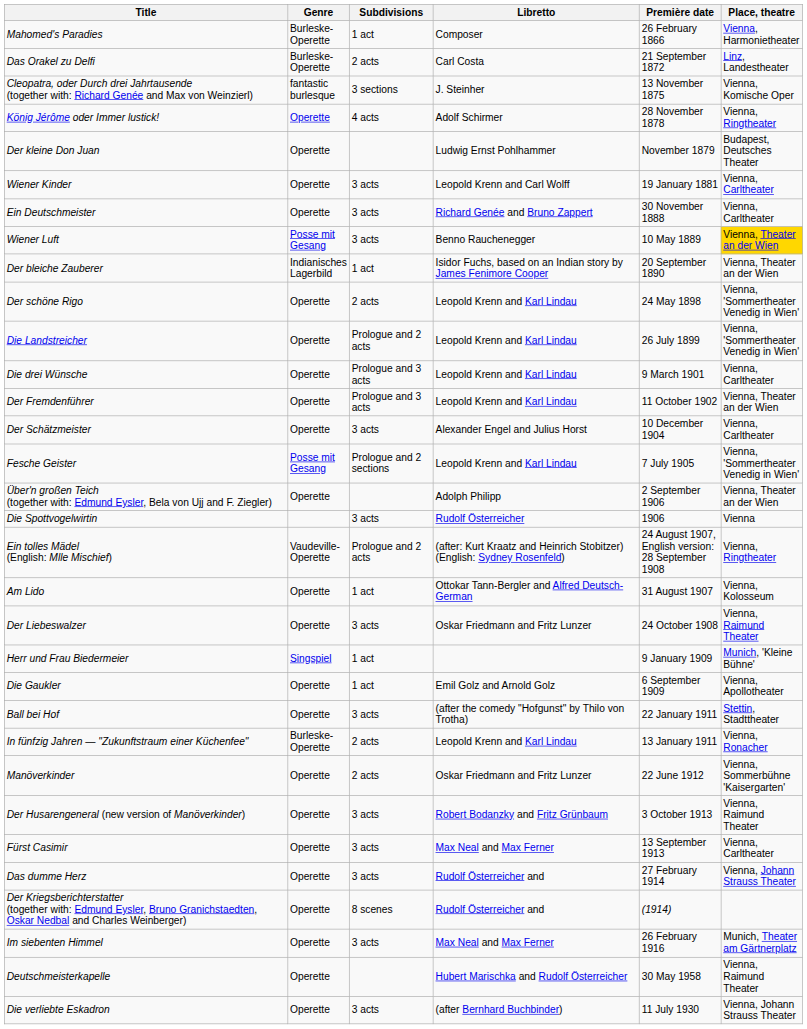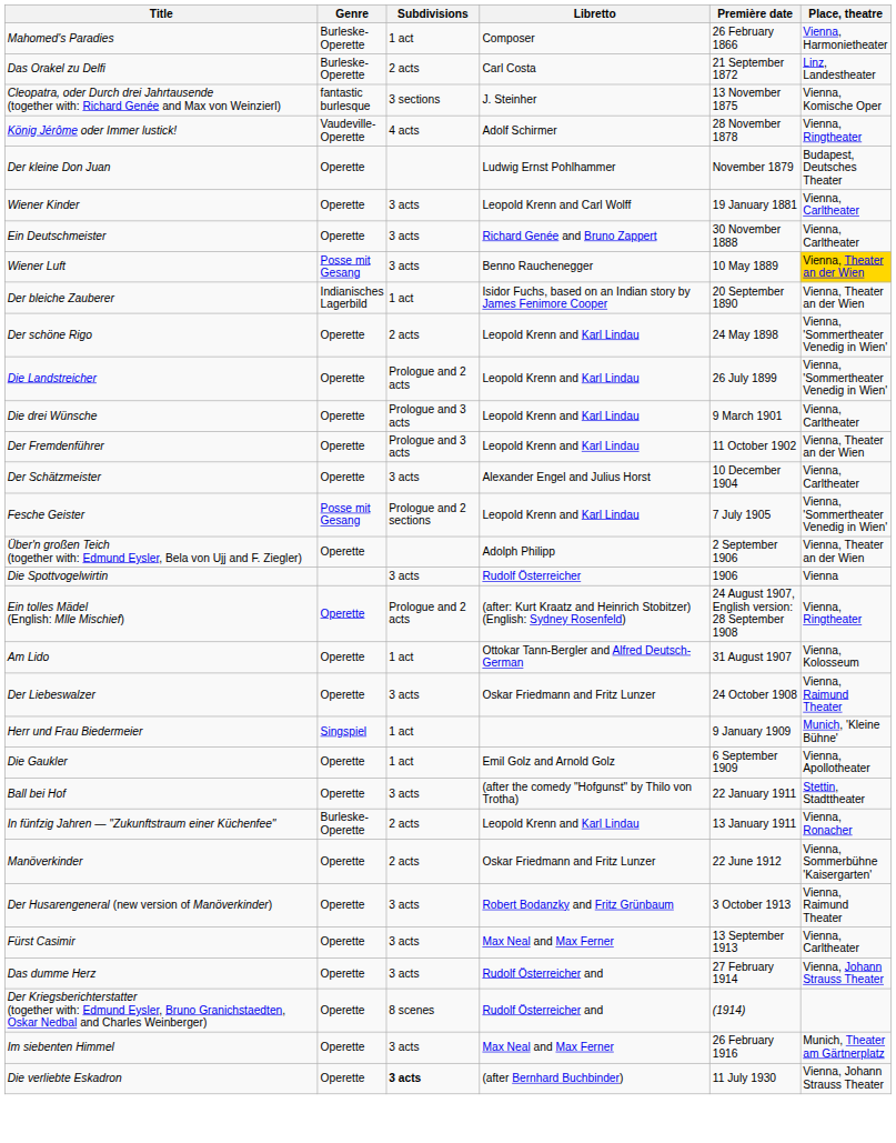 <table class="wikitable sortable">
 <tr>
 <th>Title</th>
 <th width="70px">Genre</th>
 <th>Sub­divisions</th>
 <th>Libretto</th>
 <th width="120px">Première date</th>
 <th width="120px">Place, theatre</th>
 </tr>
 <tr>
 <td><em>Mahomed's Paradies</em></td>
 <td>Burleske-Operette</td>
 <td>1 act</td>
 <td>Composer</td>
 <td>26 February 1866</td>
 <td><a href='#'>Vienna</a>, Harmonietheater</td>
 </tr>
 <tr>
 <td><em>Das Orakel zu Delfi</em></td>
 <td>Burleske-Operette</td>
 <td>2 acts</td>
 <td>Carl Costa</td>
 <td>21 September 1872</td>
 <td><a href='#'>Linz</a>, Landestheater</td>
 </tr>
 <tr>
 <td><em>Cleopatra, oder Durch drei Jahrtausende</em><br>(together with: <a href='#'>Richard Genée</a> and Max von Weinzierl)</td>
 <td>fantastic burlesque</td>
 <td>3 sections</td>
 <td>J. Steinher</td>
 <td>13 November 1875</td>
 <td>Vienna, Komische Oper</td>
 </tr>
 <tr>
 <td><em><a href='#'>König Jérôme</a> oder Immer lustick!</em></td>
-<td><a href='#'>Operette</a></td>
+<td>Vaudeville-Operette</td>
 <td>4 acts</td>
 <td>Adolf Schirmer</td>
 <td>28 November 1878</td>
 <td>Vienna, <a href='#'>Ringtheater</a></td>
 </tr>
 <tr>
 <td><em>Der kleine Don Juan</em></td>
 <td>Operette</td>
 <td> </td>
 <td>Ludwig Ernst Pohlhammer</td>
 <td>November 1879</td>
 <td>Budapest, Deutsches Theater</td>
 </tr>
 <tr>
 <td><em>Wiener Kinder</em></td>
 <td>Operette</td>
 <td>3 acts</td>
 <td>Leopold Krenn and Carl Wolff</td>
 <td>19 January 1881</td>
 <td>Vienna, <a href='#'>Carltheater</a></td>
 </tr>
 <tr>
 <td><em>Ein Deutschmeister</em></td>
 <td>Operette</td>
 <td>3 acts</td>
 <td><a href='#'>Richard Genée</a> and <a href='#'>Bruno Zappert</a></td>
 <td>30 November 1888</td>
 <td>Vienna, Carltheater</td>
 </tr>
 <tr>
 <td><em>Wiener Luft</em></td>
 <td><a href='#'>Posse mit Gesang</a></td>
 <td>3 acts</td>
 <td>Benno Rauchenegger</td>
 <td>10 May 1889</td>
 <td style="background: gold;">Vienna, <a href='#'>Theater an der Wien</a></td>
 </tr>
 <tr>
 <td><em>Der bleiche Zauberer</em></td>
 <td>Indianisches Lagerbild</td>
 <td>1 act</td>
 <td>Isidor Fuchs, based on an Indian story by <a href='#'>James Fenimore Cooper</a></td>
 <td>20 September 1890</td>
 <td>Vienna, Theater an der Wien</td>
 </tr>
 <tr>
 <td><em>Der schöne Rigo</em></td>
 <td>Operette</td>
 <td>2 acts</td>
 <td>Leopold Krenn and <a href='#'>Karl Lindau</a></td>
 <td>24 May 1898</td>
 <td>Vienna, 'Sommertheater Venedig in Wien'</td>
 </tr>
 <tr>
 <td><em><a href='#'>Die Landstreicher</a></em></td>
 <td>Operette</td>
 <td>Prologue and 2 acts</td>
 <td>Leopold Krenn and <a href='#'>Karl Lindau</a></td>
 <td>26 July 1899</td>
 <td>Vienna, 'Sommertheater Venedig in Wien'</td>
 </tr>
 <tr>
 <td><em>Die drei Wünsche</em></td>
 <td>Operette</td>
 <td>Prologue and 3 acts</td>
 <td>Leopold Krenn and <a href='#'>Karl Lindau</a></td>
 <td>9 March 1901</td>
 <td>Vienna, Carltheater</td>
 </tr>
 <tr>
 <td><em>Der Fremdenführer</em></td>
 <td>Operette</td>
 <td>Prologue and 3 acts</td>
 <td>Leopold Krenn and <a href='#'>Karl Lindau</a></td>
 <td>11 October 1902</td>
 <td>Vienna, Theater an der Wien</td>
 </tr>
 <tr>
 <td><em>Der Schätzmeister</em></td>
 <td>Operette</td>
 <td>3 acts</td>
 <td>Alexander Engel and Julius Horst</td>
 <td>10 December 1904</td>
 <td>Vienna, Carltheater</td>
 </tr>
 <tr>
 <td><em>Fesche Geister</em></td>
 <td><a href='#'>Posse mit Gesang</a></td>
 <td>Prologue and 2 sections</td>
 <td>Leopold Krenn and <a href='#'>Karl Lindau</a></td>
 <td>7 July 1905</td>
 <td>Vienna, 'Sommertheater Venedig in Wien'</td>
 </tr>
 <tr>
 <td><em>Über'n großen Teich</em><br>(together with: <a href='#'>Edmund Eysler</a>, Bela von Ujj and F. Ziegler)</td>
 <td>Operette</td>
 <td> </td>
 <td>Adolph Philipp</td>
 <td>2 September 1906</td>
 <td>Vienna, Theater an der Wien</td>
 </tr>
 <tr>
 <td><em>Die Spottvogelwirtin</em></td>
 <td></td>
 <td>3 acts</td>
 <td> <a href='#'>Rudolf Österreicher</a></td>
 <td>1906</td>
 <td>Vienna</td>
 </tr>
 <tr>
 <td><em>Ein tolles Mädel</em><br>(English: <em>Mlle Mischief</em>)</td>
-<td>Vaudeville-Operette</td>
+<td><a href='#'>Operette</a></td>
 <td>Prologue and 2 acts</td>
 <td> (after: Kurt Kraatz and Heinrich Stobitzer) (English: <a href='#'>Sydney Rosenfeld</a>)</td>
 <td>24 August 1907, English version: 28 September 1908</td>
 <td>Vienna, <a href='#'>Ringtheater</a></td>
 </tr>
 <tr>
 <td><em>Am Lido</em></td>
 <td>Operette</td>
 <td>1 act</td>
 <td>Ottokar Tann-Bergler and <a href='#'>Alfred Deutsch-German</a></td>
 <td>31 August 1907</td>
 <td>Vienna, Kolosseum</td>
 </tr>
 <tr>
 <td><em>Der Liebeswalzer</em></td>
 <td>Operette</td>
 <td>3 acts</td>
 <td>Oskar Friedmann and Fritz Lunzer</td>
 <td>24 October 1908</td>
 <td>Vienna, <a href='#'>Raimund Theater</a></td>
 </tr>
 <tr>
 <td><em>Herr und Frau Biedermeier</em></td>
 <td><a href='#'>Singspiel</a></td>
 <td>1 act</td>
 <td></td>
 <td>9 January 1909</td>
 <td><a href='#'>Munich</a>, 'Kleine Bühne'</td>
 </tr>
 <tr>
 <td><em>Die Gaukler</em></td>
 <td>Operette</td>
 <td>1 act</td>
 <td>Emil Golz and Arnold Golz</td>
 <td>6 September 1909</td>
 <td>Vienna,  Apollotheater</td>
 </tr>
 <tr>
 <td><em>Ball bei Hof</em></td>
 <td>Operette</td>
 <td>3 acts</td>
 <td> (after the comedy "Hofgunst" by Thilo von Trotha)</td>
 <td>22 January 1911</td>
 <td><a href='#'>Stettin</a>, Stadttheater</td>
 </tr>
 <tr>
 <td><em>In fünfzig Jahren — "Zukunftstraum einer Küchenfee"</em></td>
 <td>Burleske-Operette</td>
 <td>2 acts</td>
 <td>Leopold Krenn and <a href='#'>Karl Lindau</a></td>
 <td>13 January 1911</td>
 <td>Vienna, <a href='#'>Ronacher</a></td>
 </tr>
 <tr>
 <td><em>Manöverkinder</em></td>
 <td>Operette</td>
 <td>2 acts</td>
 <td>Oskar Friedmann and Fritz Lunzer</td>
 <td>22 June 1912</td>
 <td>Vienna, Sommerbühne 'Kaisergarten'</td>
 </tr>
 <tr>
 <td><em>Der Husarengeneral</em> (new version of <em>Manöverkinder</em>)</td>
 <td>Operette</td>
 <td>3 acts</td>
 <td><a href='#'>Robert Bodanzky</a> and <a href='#'>Fritz Grünbaum</a></td>
 <td>3 October 1913</td>
 <td>Vienna, Raimund Theater</td>
 </tr>
 <tr>
 <td><em>Fürst Casimir</em></td>
 <td>Operette</td>
 <td>3 acts</td>
 <td><a href='#'>Max Neal</a> and <a href='#'>Max Ferner</a></td>
 <td>13 September 1913</td>
 <td>Vienna, Carltheater</td>
 </tr>
 <tr>
 <td><em>Das dumme Herz</em></td>
 <td>Operette</td>
 <td>3 acts</td>
 <td><a href='#'>Rudolf Österreicher</a> and </td>
 <td>27 February 1914</td>
 <td>Vienna, <a href='#'>Johann Strauss Theater</a></td>
 </tr>
 <tr>
 <td><em>Der Kriegsberichterstatter</em><br>(together with: <a href='#'>Edmund Eysler</a>, <a href='#'>Bruno Granichstaedten</a>, <a href='#'>Oskar Nedbal</a> and Charles Weinberger)</td>
 <td>Operette</td>
 <td>8 scenes</td>
 <td><a href='#'>Rudolf Österreicher</a> and </td>
 <td><em>(1914)</em></td>
 <td> </td>
 </tr>
 <tr>
 <td><em>Im siebenten Himmel</em></td>
 <td>Operette</td>
 <td>3 acts</td>
 <td><a href='#'>Max Neal</a> and <a href='#'>Max Ferner</a></td>
 <td>26 February 1916</td>
 <td>Munich, <a href='#'>Theater am Gärtnerplatz</a></td>
 </tr>
 <tr>
-<td><em>Deutschmeisterkapelle</em></td>
-<td>Operette</td>
-<td> </td>
-<td><a href='#'>Hubert Marischka</a> and <a href='#'>Rudolf Österreicher</a></td>
-<td>30 May 1958</td>
-<td>Vienna, Raimund Theater</td>
-</tr>
-<tr>
 <td><em>Die verliebte Eskadron</em></td>
 <td>Operette</td>
-<td>3 acts</td>
+<td><strong>3 acts</strong></td>
 <td> (after <a href='#'>Bernhard Buchbinder</a>)</td>
 <td>11 July 1930</td>
 <td>Vienna, Johann Strauss Theater</td>
 </tr>
 </table>
